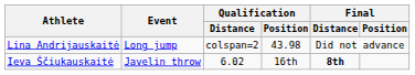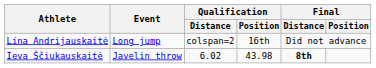 <table class=wikitable style="font-size:90%">
 <tr>
 <th rowspan="2">Athlete</th>
 <th rowspan="2">Event</th>
 <th colspan="2">Qualification</th>
 <th colspan="2">Final</th>
 </tr>
 <tr style="font-size:95%">
 <th>Distance</th>
 <th>Position</th>
 <th>Distance</th>
 <th>Position</th>
 </tr>
 <tr align=center>
 <td align=left><a href='#'>Lina Andrijauskaitė</a></td>
 <td align=left><a href='#'>Long jump</a></td>
 <td>colspan=2 </td>
-<td>43.98</td>
+<td>16th</td>
 <td colspan=2>Did not advance</td>
 </tr>
 <tr align=center>
 <td align=left><a href='#'>Ieva Ščiukauskaitė</a></td>
 <td align=left><a href='#'>Javelin throw</a></td>
 <td>6.02</td>
-<td>16th</td>
+<td>43.98</td>
 <td><strong>8th</strong></td>
 </tr>
 </table>
